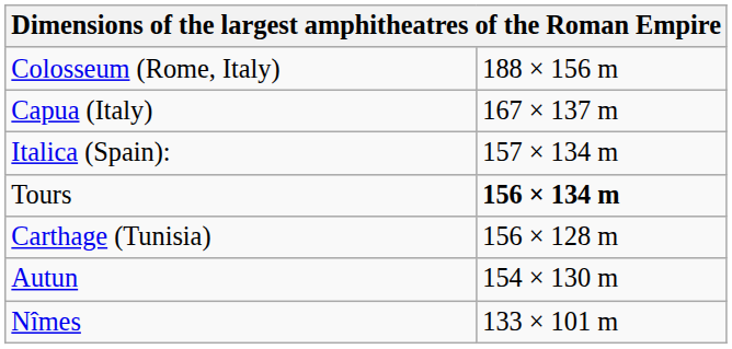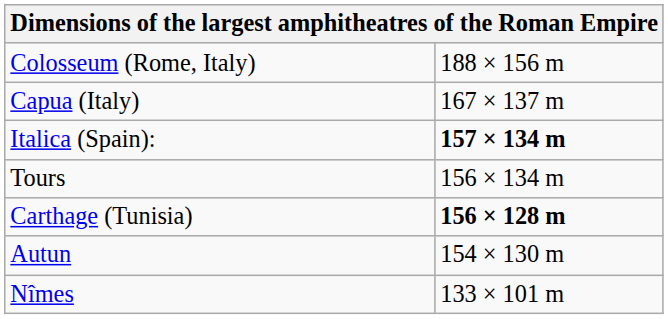 <table class="wikitable">
 <tr>
 <th colspan="4">Dimensions of the largest amphitheatres of the Roman Empire</th>
 </tr>
 <tr>
 <td><a href='#'>Colosseum</a> (Rome, Italy)</td>
 <td>188 × 156 m</td>
 </tr>
 <tr>
 <td><a href='#'>Capua</a> (Italy)</td>
 <td>167 × 137 m</td>
 </tr>
 <tr>
 <td><a href='#'>Italica</a> (Spain):</td>
-<td>157 × 134 m</td>
+<td><strong>157 × 134 m</strong></td>
 </tr>
 <tr>
 <td>Tours</td>
-<td><strong>156 × 134 m</strong></td>
+<td>156 × 134 m</td>
 </tr>
 <tr>
 <td><a href='#'>Carthage</a> (Tunisia)</td>
-<td>156 × 128 m</td>
+<td><strong>156 × 128 m</strong></td>
 </tr>
 <tr>
 <td><a href='#'>Autun</a></td>
 <td>154 × 130 m</td>
 </tr>
 <tr>
 <td><a href='#'>Nîmes</a></td>
 <td>133 × 101 m</td>
 </tr>
 </table>
